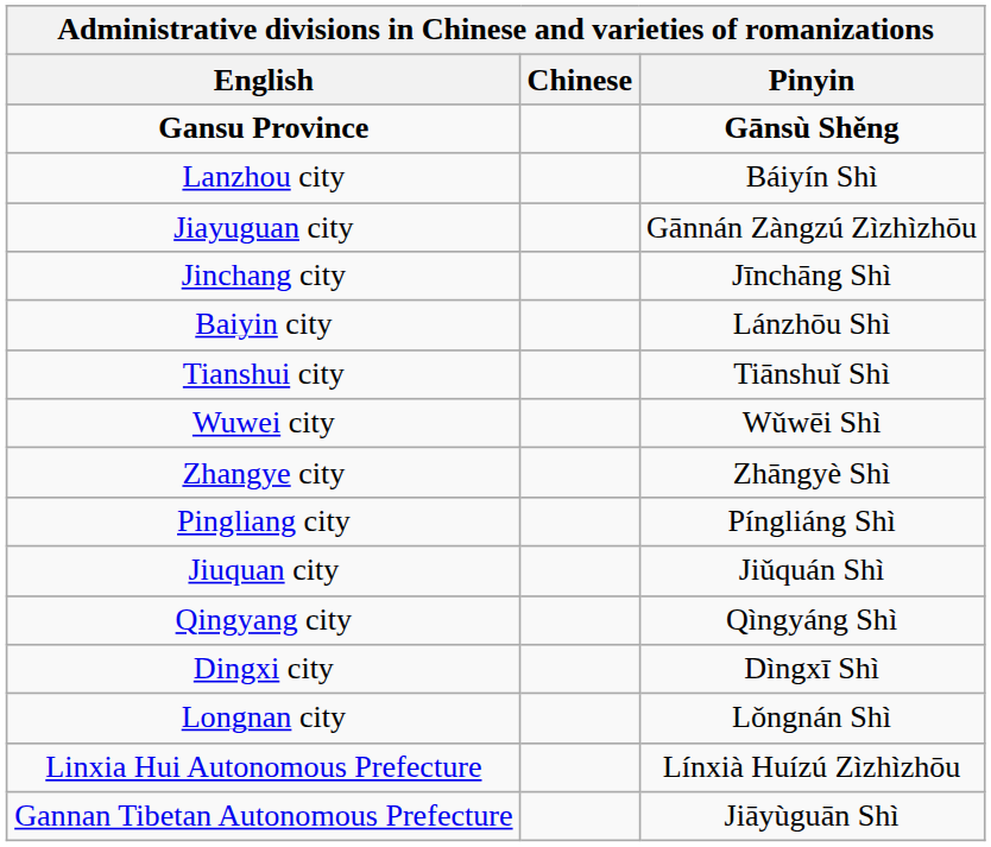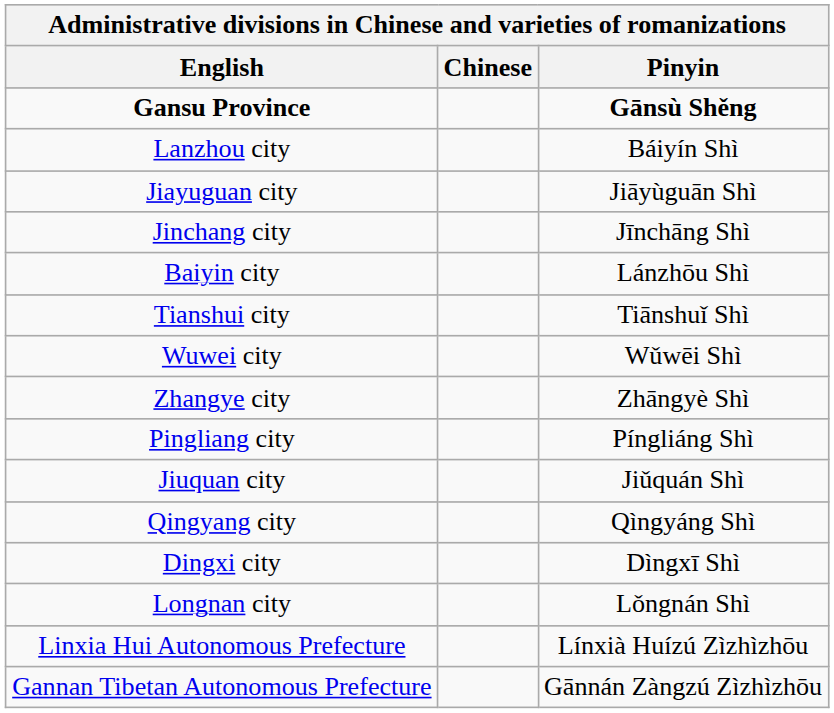 <table class="wikitable sortable collapsible collapsed" style="text-font:90%; width:auto; text-align:center; margin-left: auto; margin-right: auto;">
 <tr>
 <th colspan="5">Administrative divisions in Chinese and varieties of romanizations</th>
 </tr>
 <tr>
 <th>English</th>
 <th>Chinese</th>
 <th>Pinyin</th>
 </tr>
 <tr>
 <td><strong>Gansu Province</strong></td>
 <td></td>
 <td><strong>Gānsù Shěng</strong></td>
 </tr>
 <tr>
 <td><a href='#'>Lanzhou</a> city</td>
 <td></td>
 <td>Báiyín Shì</td>
 </tr>
 <tr>
 <td><a href='#'>Jiayuguan</a> city</td>
 <td></td>
-<td>Gānnán Zàngzú Zìzhìzhōu</td>
+<td>Jiāyùguān Shì</td>
 </tr>
 <tr>
 <td><a href='#'>Jinchang</a> city</td>
 <td></td>
 <td>Jīnchāng Shì</td>
 </tr>
 <tr>
 <td><a href='#'>Baiyin</a> city</td>
 <td></td>
 <td>Lánzhōu Shì</td>
 </tr>
 <tr>
 <td><a href='#'>Tianshui</a> city</td>
 <td></td>
 <td>Tiānshuǐ Shì</td>
 </tr>
 <tr>
 <td><a href='#'>Wuwei</a> city</td>
 <td></td>
 <td>Wǔwēi Shì</td>
 </tr>
 <tr>
 <td><a href='#'>Zhangye</a> city</td>
 <td></td>
 <td>Zhāngyè Shì</td>
 </tr>
 <tr>
 <td><a href='#'>Pingliang</a> city</td>
 <td></td>
 <td>Píngliáng Shì</td>
 </tr>
 <tr>
 <td><a href='#'>Jiuquan</a> city</td>
 <td></td>
 <td>Jiǔquán Shì</td>
 </tr>
 <tr>
 <td><a href='#'>Qingyang</a> city</td>
 <td></td>
 <td>Qìngyáng Shì</td>
 </tr>
 <tr>
 <td><a href='#'>Dingxi</a> city</td>
 <td></td>
 <td>Dìngxī Shì</td>
 </tr>
 <tr>
 <td><a href='#'>Longnan</a> city</td>
 <td></td>
 <td>Lǒngnán Shì</td>
 </tr>
 <tr>
 <td><a href='#'>Linxia Hui Autonomous Prefecture</a></td>
 <td></td>
 <td>Línxià Huízú Zìzhìzhōu</td>
 </tr>
 <tr>
 <td><a href='#'>Gannan Tibetan Autonomous Prefecture</a></td>
 <td></td>
-<td>Jiāyùguān Shì</td>
+<td>Gānnán Zàngzú Zìzhìzhōu</td>
 </tr>
 </table>
